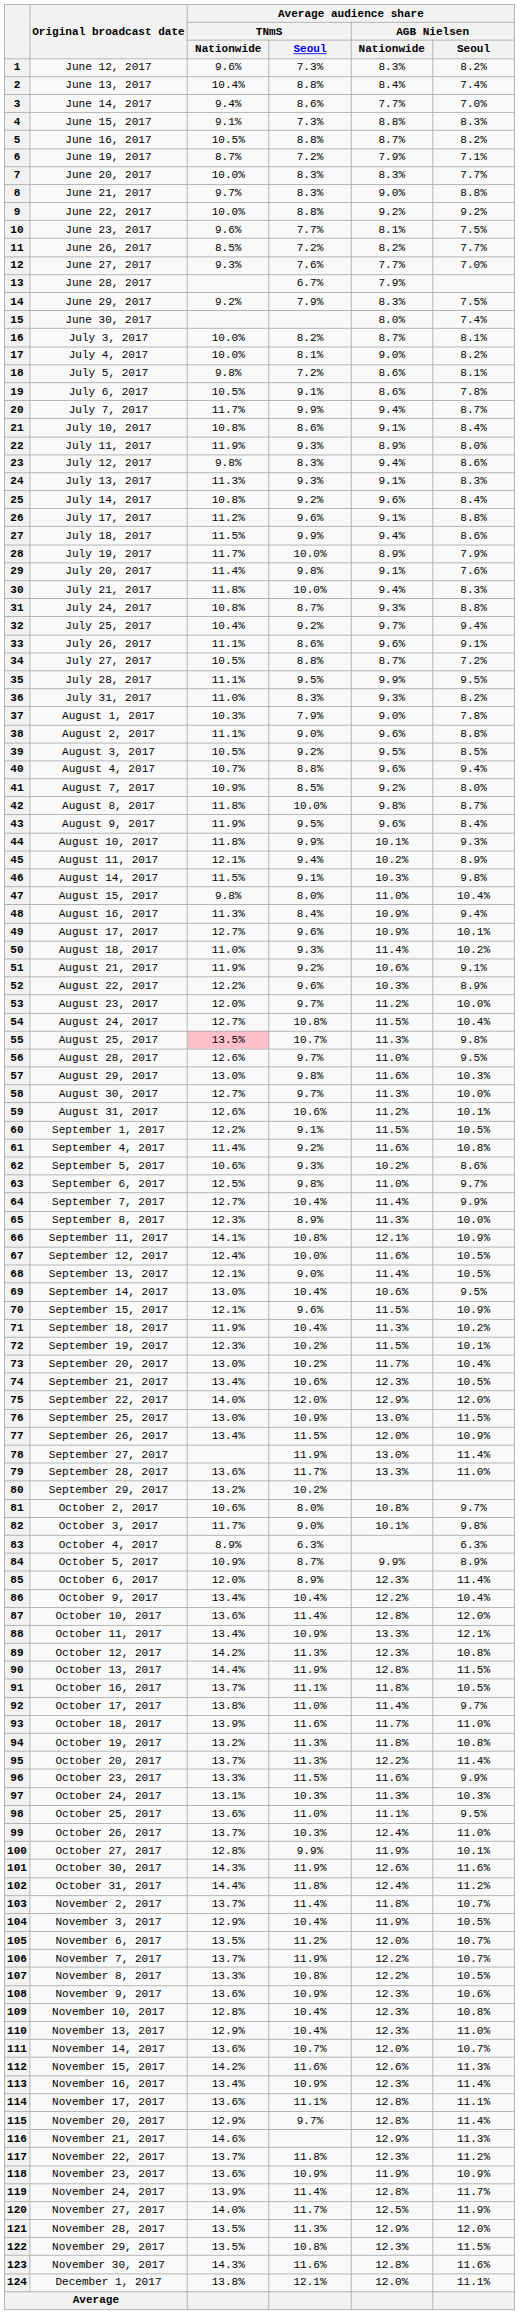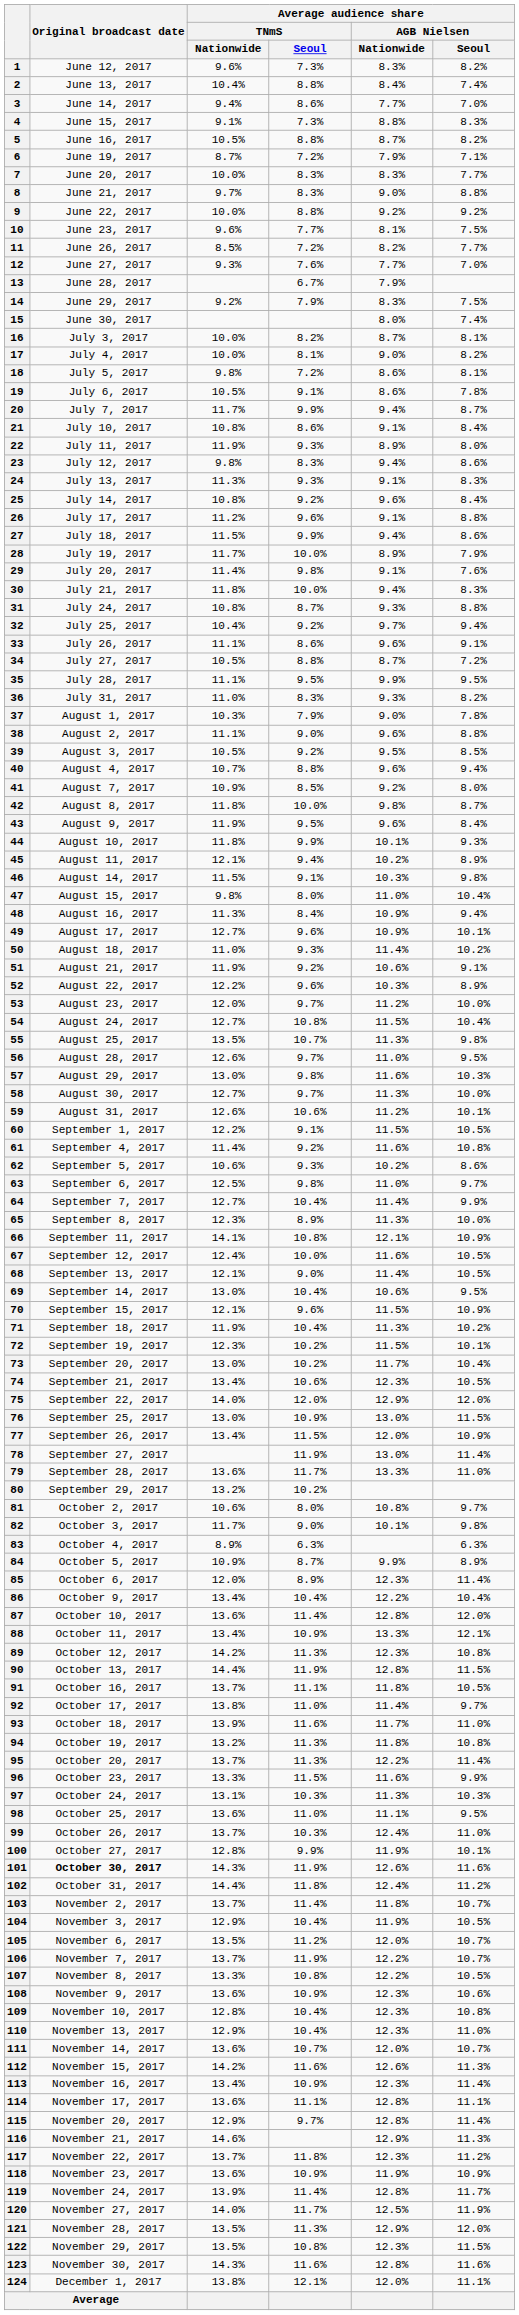 <table class="wikitable" style="text-align:center">
 <tr>
 <th rowspan="3"></th>
 <th rowspan="3">Original broadcast date</th>
 <th colspan="4">Average audience share</th>
 </tr>
 <tr>
 <th colspan="2">TNmS</th>
 <th colspan="2">AGB Nielsen</th>
 </tr>
 <tr>
 <th width=90>Nationwide</th>
 <th width=90><a href='#'>Seoul</a></th>
 <th width=90>Nationwide</th>
 <th width=90>Seoul</th>
 </tr>
 <tr>
 <th>1</th>
 <td>June 12, 2017</td>
 <td>9.6% </td>
 <td>7.3% </td>
 <td>8.3% </td>
 <td>8.2% </td>
 </tr>
 <tr>
 <th>2</th>
 <td>June 13, 2017</td>
 <td>10.4% </td>
 <td>8.8% </td>
 <td>8.4% </td>
 <td>7.4% </td>
 </tr>
 <tr>
 <th>3</th>
 <td>June 14, 2017</td>
 <td>9.4% </td>
 <td>8.6% </td>
 <td>7.7% </td>
 <td>7.0% </td>
 </tr>
 <tr>
 <th>4</th>
 <td>June 15, 2017</td>
 <td>9.1% </td>
 <td>7.3% </td>
 <td>8.8% </td>
 <td>8.3% </td>
 </tr>
 <tr>
 <th>5</th>
 <td>June 16, 2017</td>
 <td>10.5% </td>
 <td>8.8% </td>
 <td>8.7% </td>
 <td>8.2% </td>
 </tr>
 <tr>
 <th>6</th>
 <td>June 19, 2017</td>
 <td>8.7% </td>
 <td>7.2% </td>
 <td>7.9% </td>
 <td>7.1% </td>
 </tr>
 <tr>
 <th>7</th>
 <td>June 20, 2017</td>
 <td>10.0% </td>
 <td>8.3% </td>
 <td>8.3% </td>
 <td>7.7% </td>
 </tr>
 <tr>
 <th>8</th>
 <td>June 21, 2017</td>
 <td>9.7% </td>
 <td>8.3% </td>
 <td>9.0% </td>
 <td>8.8% </td>
 </tr>
 <tr>
 <th>9</th>
 <td>June 22, 2017</td>
 <td>10.0% </td>
 <td>8.8% </td>
 <td>9.2% </td>
 <td>9.2% </td>
 </tr>
 <tr>
 <th>10</th>
 <td>June 23, 2017</td>
 <td>9.6% </td>
 <td>7.7% </td>
 <td>8.1% </td>
 <td>7.5% </td>
 </tr>
 <tr>
 <th>11</th>
 <td>June 26, 2017</td>
 <td>8.5% </td>
 <td>7.2% </td>
 <td>8.2% </td>
 <td>7.7% </td>
 </tr>
 <tr>
 <th>12</th>
 <td>June 27, 2017</td>
 <td>9.3% </td>
 <td>7.6% </td>
 <td>7.7% </td>
 <td>7.0% </td>
 </tr>
 <tr>
 <th>13</th>
 <td>June 28, 2017</td>
 <td> </td>
 <td>6.7% </td>
 <td>7.9% </td>
 <td> </td>
 </tr>
 <tr>
 <th>14</th>
 <td>June 29, 2017</td>
 <td>9.2% </td>
 <td>7.9% </td>
 <td>8.3% </td>
 <td>7.5% </td>
 </tr>
 <tr>
 <th>15</th>
 <td>June 30, 2017</td>
 <td> </td>
 <td> </td>
 <td>8.0% </td>
 <td>7.4% </td>
 </tr>
 <tr>
 <th>16</th>
 <td>July 3, 2017</td>
 <td>10.0% </td>
 <td>8.2% </td>
 <td>8.7% </td>
 <td>8.1% </td>
 </tr>
 <tr>
 <th>17</th>
 <td>July 4, 2017</td>
 <td>10.0% </td>
 <td>8.1% </td>
 <td>9.0% </td>
 <td>8.2% </td>
 </tr>
 <tr>
 <th>18</th>
 <td>July 5, 2017</td>
 <td>9.8% </td>
 <td>7.2% </td>
 <td>8.6% </td>
 <td>8.1% </td>
 </tr>
 <tr>
 <th>19</th>
 <td>July 6, 2017</td>
 <td>10.5% </td>
 <td>9.1% </td>
 <td>8.6% </td>
 <td>7.8% </td>
 </tr>
 <tr>
 <th>20</th>
 <td>July 7, 2017</td>
 <td>11.7% </td>
 <td>9.9% </td>
 <td>9.4% </td>
 <td>8.7% </td>
 </tr>
 <tr>
 <th>21</th>
 <td>July 10, 2017</td>
 <td>10.8% </td>
 <td>8.6% </td>
 <td>9.1% </td>
 <td>8.4% </td>
 </tr>
 <tr>
 <th>22</th>
 <td>July 11, 2017</td>
 <td>11.9% </td>
 <td>9.3% </td>
 <td>8.9% </td>
 <td>8.0% </td>
 </tr>
 <tr>
 <th>23</th>
 <td>July 12, 2017</td>
 <td>9.8% </td>
 <td>8.3% </td>
 <td>9.4% </td>
 <td>8.6% </td>
 </tr>
 <tr>
 <th>24</th>
 <td>July 13, 2017</td>
 <td>11.3% </td>
 <td>9.3% </td>
 <td>9.1% </td>
 <td>8.3% </td>
 </tr>
 <tr>
 <th>25</th>
 <td>July 14, 2017</td>
 <td>10.8% </td>
 <td>9.2% </td>
 <td>9.6% </td>
 <td>8.4% </td>
 </tr>
 <tr>
 <th>26</th>
 <td>July 17, 2017</td>
 <td>11.2% </td>
 <td>9.6% </td>
 <td>9.1% </td>
 <td>8.8% </td>
 </tr>
 <tr>
 <th>27</th>
 <td>July 18, 2017</td>
 <td>11.5% </td>
 <td>9.9% </td>
 <td>9.4% </td>
 <td>8.6% </td>
 </tr>
 <tr>
 <th>28</th>
 <td>July 19, 2017</td>
 <td>11.7% </td>
 <td>10.0% </td>
 <td>8.9% </td>
 <td>7.9% </td>
 </tr>
 <tr>
 <th>29</th>
 <td>July 20, 2017</td>
 <td>11.4% </td>
 <td>9.8% </td>
 <td>9.1% </td>
 <td>7.6% </td>
 </tr>
 <tr>
 <th>30</th>
 <td>July 21, 2017</td>
 <td>11.8% </td>
 <td>10.0% </td>
 <td>9.4% </td>
 <td>8.3% </td>
 </tr>
 <tr>
 <th>31</th>
 <td>July 24, 2017</td>
 <td>10.8% </td>
 <td>8.7% </td>
 <td>9.3% </td>
 <td>8.8% </td>
 </tr>
 <tr>
 <th>32</th>
 <td>July 25, 2017</td>
 <td>10.4% </td>
 <td>9.2% </td>
 <td>9.7% </td>
 <td>9.4% </td>
 </tr>
 <tr>
 <th>33</th>
 <td>July 26, 2017</td>
 <td>11.1% </td>
 <td>8.6% </td>
 <td>9.6% </td>
 <td>9.1% </td>
 </tr>
 <tr>
 <th>34</th>
 <td>July 27, 2017</td>
 <td>10.5% </td>
 <td>8.8% </td>
 <td>8.7% </td>
 <td>7.2% </td>
 </tr>
 <tr>
 <th>35</th>
 <td>July 28, 2017</td>
 <td>11.1% </td>
 <td>9.5% </td>
 <td>9.9% </td>
 <td>9.5% </td>
 </tr>
 <tr>
 <th>36</th>
 <td>July 31, 2017</td>
 <td>11.0% </td>
 <td>8.3% </td>
 <td>9.3% </td>
 <td>8.2% </td>
 </tr>
 <tr>
 <th>37</th>
 <td>August 1, 2017</td>
 <td>10.3% </td>
 <td>7.9% </td>
 <td>9.0% </td>
 <td>7.8% </td>
 </tr>
 <tr>
 <th>38</th>
 <td>August 2, 2017</td>
 <td>11.1% </td>
 <td>9.0% </td>
 <td>9.6% </td>
 <td>8.8% </td>
 </tr>
 <tr>
 <th>39</th>
 <td>August 3, 2017</td>
 <td>10.5% </td>
 <td>9.2% </td>
 <td>9.5% </td>
 <td>8.5% </td>
 </tr>
 <tr>
 <th>40</th>
 <td>August 4, 2017</td>
 <td>10.7% </td>
 <td>8.8% </td>
 <td>9.6% </td>
 <td>9.4% </td>
 </tr>
 <tr>
 <th>41</th>
 <td>August 7, 2017</td>
 <td>10.9% </td>
 <td>8.5% </td>
 <td>9.2% </td>
 <td>8.0% </td>
 </tr>
 <tr>
 <th>42</th>
 <td>August 8, 2017</td>
 <td>11.8% </td>
 <td>10.0% </td>
 <td>9.8% </td>
 <td>8.7% </td>
 </tr>
 <tr>
 <th>43</th>
 <td>August 9, 2017</td>
 <td>11.9% </td>
 <td>9.5% </td>
 <td>9.6% </td>
 <td>8.4% </td>
 </tr>
 <tr>
 <th>44</th>
 <td>August 10, 2017</td>
 <td>11.8% </td>
 <td>9.9% </td>
 <td>10.1% </td>
 <td>9.3% </td>
 </tr>
 <tr>
 <th>45</th>
 <td>August 11, 2017</td>
 <td>12.1% </td>
 <td>9.4% </td>
 <td>10.2% </td>
 <td>8.9% </td>
 </tr>
 <tr>
 <th>46</th>
 <td>August 14, 2017</td>
 <td>11.5% </td>
 <td>9.1% </td>
 <td>10.3% </td>
 <td>9.8% </td>
 </tr>
 <tr>
 <th>47</th>
 <td>August 15, 2017</td>
 <td>9.8% </td>
 <td>8.0% </td>
 <td>11.0% </td>
 <td>10.4% </td>
 </tr>
 <tr>
 <th>48</th>
 <td>August 16, 2017</td>
 <td>11.3% </td>
 <td>8.4% </td>
 <td>10.9% </td>
 <td>9.4% </td>
 </tr>
 <tr>
 <th>49</th>
 <td>August 17, 2017</td>
 <td>12.7% </td>
 <td>9.6% </td>
 <td>10.9% </td>
 <td>10.1% </td>
 </tr>
 <tr>
 <th>50</th>
 <td>August 18, 2017</td>
 <td>11.0% </td>
 <td>9.3% </td>
 <td>11.4% </td>
 <td>10.2% </td>
 </tr>
 <tr>
 <th>51</th>
 <td>August 21, 2017</td>
 <td>11.9% </td>
 <td>9.2% </td>
 <td>10.6% </td>
 <td>9.1% </td>
 </tr>
 <tr>
 <th>52</th>
 <td>August 22, 2017</td>
 <td>12.2% </td>
 <td>9.6% </td>
 <td>10.3% </td>
 <td>8.9% </td>
 </tr>
 <tr>
 <th>53</th>
 <td>August 23, 2017</td>
 <td>12.0% </td>
 <td>9.7% </td>
 <td>11.2% </td>
 <td>10.0% </td>
 </tr>
 <tr>
 <th>54</th>
 <td>August 24, 2017</td>
 <td>12.7% </td>
 <td>10.8% </td>
 <td>11.5% </td>
 <td>10.4% </td>
 </tr>
 <tr>
 <th>55</th>
 <td>August 25, 2017</td>
-<td style="background: pink;">13.5% </td>
+<td>13.5% </td>
 <td>10.7% </td>
 <td>11.3% </td>
 <td>9.8% </td>
 </tr>
 <tr>
 <th>56</th>
 <td>August 28, 2017</td>
 <td>12.6% </td>
 <td>9.7% </td>
 <td>11.0% </td>
 <td>9.5% </td>
 </tr>
 <tr>
 <th>57</th>
 <td>August 29, 2017</td>
 <td>13.0% </td>
 <td>9.8% </td>
 <td>11.6% </td>
 <td>10.3% </td>
 </tr>
 <tr>
 <th>58</th>
 <td>August 30, 2017</td>
 <td>12.7% </td>
 <td>9.7% </td>
 <td>11.3% </td>
 <td>10.0% </td>
 </tr>
 <tr>
 <th>59</th>
 <td>August 31, 2017</td>
 <td>12.6% </td>
 <td>10.6% </td>
 <td>11.2% </td>
 <td>10.1% </td>
 </tr>
 <tr>
 <th>60</th>
 <td>September 1, 2017</td>
 <td>12.2% </td>
 <td>9.1% </td>
 <td>11.5% </td>
 <td>10.5% </td>
 </tr>
 <tr>
 <th>61</th>
 <td>September 4, 2017</td>
 <td>11.4% </td>
 <td>9.2% </td>
 <td>11.6% </td>
 <td>10.8% </td>
 </tr>
 <tr>
 <th>62</th>
 <td>September 5, 2017</td>
 <td>10.6% </td>
 <td>9.3% </td>
 <td>10.2% </td>
 <td>8.6% </td>
 </tr>
 <tr>
 <th>63</th>
 <td>September 6, 2017</td>
 <td>12.5% </td>
 <td>9.8% </td>
 <td>11.0% </td>
 <td>9.7% </td>
 </tr>
 <tr>
 <th>64</th>
 <td>September 7, 2017</td>
 <td>12.7% </td>
 <td>10.4% </td>
 <td>11.4% </td>
 <td>9.9% </td>
 </tr>
 <tr>
 <th>65</th>
 <td>September 8, 2017</td>
 <td>12.3% </td>
 <td>8.9% </td>
 <td>11.3% </td>
 <td>10.0% </td>
 </tr>
 <tr>
 <th>66</th>
 <td>September 11, 2017</td>
 <td>14.1% </td>
 <td>10.8% </td>
 <td>12.1% </td>
 <td>10.9% </td>
 </tr>
 <tr>
 <th>67</th>
 <td>September 12, 2017</td>
 <td>12.4% </td>
 <td>10.0% </td>
 <td>11.6% </td>
 <td>10.5% </td>
 </tr>
 <tr>
 <th>68</th>
 <td>September 13, 2017</td>
 <td>12.1% </td>
 <td>9.0% </td>
 <td>11.4% </td>
 <td>10.5% </td>
 </tr>
 <tr>
 <th>69</th>
 <td>September 14, 2017</td>
 <td>13.0% </td>
 <td>10.4% </td>
 <td>10.6% </td>
 <td>9.5% </td>
 </tr>
 <tr>
 <th>70</th>
 <td>September 15, 2017</td>
 <td>12.1% </td>
 <td>9.6% </td>
 <td>11.5% </td>
 <td>10.9% </td>
 </tr>
 <tr>
 <th>71</th>
 <td>September 18, 2017</td>
 <td>11.9% </td>
 <td>10.4% </td>
 <td>11.3% </td>
 <td>10.2% </td>
 </tr>
 <tr>
 <th>72</th>
 <td>September 19, 2017</td>
 <td>12.3% </td>
 <td>10.2% </td>
 <td>11.5% </td>
 <td>10.1% </td>
 </tr>
 <tr>
 <th>73</th>
 <td>September 20, 2017</td>
 <td>13.0% </td>
 <td>10.2% </td>
 <td>11.7% </td>
 <td>10.4% </td>
 </tr>
 <tr>
 <th>74</th>
 <td>September 21, 2017</td>
 <td>13.4% </td>
 <td>10.6% </td>
 <td>12.3% </td>
 <td>10.5% </td>
 </tr>
 <tr>
 <th>75</th>
 <td>September 22, 2017</td>
 <td>14.0% </td>
 <td>12.0% </td>
 <td>12.9% </td>
 <td>12.0% </td>
 </tr>
 <tr>
 <th>76</th>
 <td>September 25, 2017</td>
 <td>13.0% </td>
 <td>10.9% </td>
 <td>13.0% </td>
 <td>11.5% </td>
 </tr>
 <tr>
 <th>77</th>
 <td>September 26, 2017</td>
 <td>13.4% </td>
 <td>11.5% </td>
 <td>12.0% </td>
 <td>10.9% </td>
 </tr>
 <tr>
 <th>78</th>
 <td>September 27, 2017</td>
 <td> </td>
 <td>11.9% </td>
 <td>13.0% </td>
 <td>11.4% </td>
 </tr>
 <tr>
 <th>79</th>
 <td>September 28, 2017</td>
 <td>13.6% </td>
 <td>11.7% </td>
 <td>13.3% </td>
 <td>11.0% </td>
 </tr>
 <tr>
 <th>80</th>
 <td>September 29, 2017</td>
 <td>13.2% </td>
 <td>10.2% </td>
 <td> </td>
 <td> </td>
 </tr>
 <tr>
 <th>81</th>
 <td>October 2, 2017</td>
 <td>10.6% </td>
 <td>8.0% </td>
 <td>10.8% </td>
 <td>9.7% </td>
 </tr>
 <tr>
 <th>82</th>
 <td>October 3, 2017</td>
 <td>11.7% </td>
 <td>9.0% </td>
 <td>10.1% </td>
 <td>9.8% </td>
 </tr>
 <tr>
 <th>83</th>
 <td>October 4, 2017</td>
 <td>8.9% </td>
 <td>6.3% </td>
 <td> </td>
 <td>6.3% </td>
 </tr>
 <tr>
 <th>84</th>
 <td>October 5, 2017</td>
 <td>10.9% </td>
 <td>8.7% </td>
 <td>9.9% </td>
 <td>8.9% </td>
 </tr>
 <tr>
 <th>85</th>
 <td>October 6, 2017</td>
 <td>12.0% </td>
 <td>8.9% </td>
 <td>12.3% </td>
 <td>11.4% </td>
 </tr>
 <tr>
 <th>86</th>
 <td>October 9, 2017</td>
 <td>13.4% </td>
 <td>10.4% </td>
 <td>12.2% </td>
 <td>10.4% </td>
 </tr>
 <tr>
 <th>87</th>
 <td>October 10, 2017</td>
 <td>13.6% </td>
 <td>11.4% </td>
 <td>12.8% </td>
 <td>12.0% </td>
 </tr>
 <tr>
 <th>88</th>
 <td>October 11, 2017</td>
 <td>13.4% </td>
 <td>10.9% </td>
 <td>13.3% </td>
 <td>12.1% </td>
 </tr>
 <tr>
 <th>89</th>
 <td>October 12, 2017</td>
 <td>14.2% </td>
 <td>11.3% </td>
 <td>12.3% </td>
 <td>10.8% </td>
 </tr>
 <tr>
 <th>90</th>
 <td>October 13, 2017</td>
 <td>14.4% </td>
 <td>11.9% </td>
 <td>12.8% </td>
 <td>11.5% </td>
 </tr>
 <tr>
 <th>91</th>
 <td>October 16, 2017</td>
 <td>13.7% </td>
 <td>11.1% </td>
 <td>11.8% </td>
 <td>10.5% </td>
 </tr>
 <tr>
 <th>92</th>
 <td>October 17, 2017</td>
 <td>13.8% </td>
 <td>11.0% </td>
 <td>11.4% </td>
 <td>9.7% </td>
 </tr>
 <tr>
 <th>93</th>
 <td>October 18, 2017</td>
 <td>13.9% </td>
 <td>11.6% </td>
 <td>11.7% </td>
 <td>11.0% </td>
 </tr>
 <tr>
 <th>94</th>
 <td>October 19, 2017</td>
 <td>13.2% </td>
 <td>11.3% </td>
 <td>11.8% </td>
 <td>10.8% </td>
 </tr>
 <tr>
 <th>95</th>
 <td>October 20, 2017</td>
 <td>13.7% </td>
 <td>11.3% </td>
 <td>12.2% </td>
 <td>11.4% </td>
 </tr>
 <tr>
 <th>96</th>
 <td>October 23, 2017</td>
 <td>13.3% </td>
 <td>11.5% </td>
 <td>11.6% </td>
 <td>9.9% </td>
 </tr>
 <tr>
 <th>97</th>
 <td>October 24, 2017</td>
 <td>13.1% </td>
 <td>10.3% </td>
 <td>11.3% </td>
 <td>10.3% </td>
 </tr>
 <tr>
 <th>98</th>
 <td>October 25, 2017</td>
 <td>13.6% </td>
 <td>11.0% </td>
 <td>11.1% </td>
 <td>9.5% </td>
 </tr>
 <tr>
 <th>99</th>
 <td>October 26, 2017</td>
 <td>13.7% </td>
 <td>10.3% </td>
 <td>12.4% </td>
 <td>11.0% </td>
 </tr>
 <tr>
 <th>100</th>
 <td>October 27, 2017</td>
 <td>12.8% </td>
 <td>9.9% </td>
 <td>11.9% </td>
 <td>10.1% </td>
 </tr>
 <tr>
 <th>101</th>
-<td>October 30, 2017</td>
+<td><strong>October 30, 2017</strong></td>
 <td>14.3% </td>
 <td>11.9% </td>
 <td>12.6% </td>
 <td>11.6% </td>
 </tr>
 <tr>
 <th>102</th>
 <td>October 31, 2017</td>
 <td>14.4% </td>
 <td>11.8% </td>
 <td>12.4% </td>
 <td>11.2% </td>
 </tr>
 <tr>
 <th>103</th>
 <td>November 2, 2017</td>
 <td>13.7% </td>
 <td>11.4% </td>
 <td>11.8% </td>
 <td>10.7% </td>
 </tr>
 <tr>
 <th>104</th>
 <td>November 3, 2017</td>
 <td>12.9% </td>
 <td>10.4% </td>
 <td>11.9% </td>
 <td>10.5% </td>
 </tr>
 <tr>
 <th>105</th>
 <td>November 6, 2017</td>
 <td>13.5% </td>
 <td>11.2% </td>
 <td>12.0% </td>
 <td>10.7% </td>
 </tr>
 <tr>
 <th>106</th>
 <td>November 7, 2017</td>
 <td>13.7% </td>
 <td>11.9% </td>
 <td>12.2% </td>
 <td>10.7% </td>
 </tr>
 <tr>
 <th>107</th>
 <td>November 8, 2017</td>
 <td>13.3% </td>
 <td>10.8% </td>
 <td>12.2% </td>
 <td>10.5% </td>
 </tr>
 <tr>
 <th>108</th>
 <td>November 9, 2017</td>
 <td>13.6% </td>
 <td>10.9% </td>
 <td>12.3% </td>
 <td>10.6% </td>
 </tr>
 <tr>
 <th>109</th>
 <td>November 10, 2017</td>
 <td>12.8% </td>
 <td>10.4% </td>
 <td>12.3% </td>
 <td>10.8% </td>
 </tr>
 <tr>
 <th>110</th>
 <td>November 13, 2017</td>
 <td>12.9% </td>
 <td>10.4% </td>
 <td>12.3% </td>
 <td>11.0% </td>
 </tr>
 <tr>
 <th>111</th>
 <td>November 14, 2017</td>
 <td>13.6% </td>
 <td>10.7% </td>
 <td>12.0% </td>
 <td>10.7% </td>
 </tr>
 <tr>
 <th>112</th>
 <td>November 15, 2017</td>
 <td>14.2% </td>
 <td>11.6% </td>
 <td>12.6% </td>
 <td>11.3% </td>
 </tr>
 <tr>
 <th>113</th>
 <td>November 16, 2017</td>
 <td>13.4% </td>
 <td>10.9% </td>
 <td>12.3% </td>
 <td>11.4% </td>
 </tr>
 <tr>
 <th>114</th>
 <td>November 17, 2017</td>
 <td>13.6% </td>
 <td>11.1% </td>
 <td>12.8% </td>
 <td>11.1% </td>
 </tr>
 <tr>
 <th>115</th>
 <td>November 20, 2017</td>
 <td>12.9% </td>
 <td>9.7% </td>
 <td>12.8% </td>
 <td>11.4% </td>
 </tr>
 <tr>
 <th>116</th>
 <td>November 21, 2017</td>
 <td>14.6% </td>
 <td> </td>
 <td>12.9% </td>
 <td>11.3% </td>
 </tr>
 <tr>
 <th>117</th>
 <td>November 22, 2017</td>
 <td>13.7% </td>
 <td>11.8% </td>
 <td>12.3% </td>
 <td>11.2% </td>
 </tr>
 <tr>
 <th>118</th>
 <td>November 23, 2017</td>
 <td>13.6% </td>
 <td>10.9% </td>
 <td>11.9% </td>
 <td>10.9% </td>
 </tr>
 <tr>
 <th>119</th>
 <td>November 24, 2017</td>
 <td>13.9% </td>
 <td>11.4% </td>
 <td>12.8% </td>
 <td>11.7% </td>
 </tr>
 <tr>
 <th>120</th>
 <td>November 27, 2017</td>
 <td>14.0% </td>
 <td>11.7% </td>
 <td>12.5% </td>
 <td>11.9% </td>
 </tr>
 <tr>
 <th>121</th>
 <td>November 28, 2017</td>
 <td>13.5% </td>
 <td>11.3% </td>
 <td>12.9% </td>
 <td>12.0% </td>
 </tr>
 <tr>
 <th>122</th>
 <td>November 29, 2017</td>
 <td>13.5% </td>
 <td>10.8% </td>
 <td>12.3% </td>
 <td>11.5% </td>
 </tr>
 <tr>
 <th>123</th>
 <td>November 30, 2017</td>
 <td>14.3% </td>
 <td>11.6% </td>
 <td>12.8% </td>
 <td>11.6% </td>
 </tr>
 <tr>
 <th>124</th>
 <td>December 1, 2017</td>
 <td>13.8% </td>
 <td>12.1% </td>
 <td>12.0% </td>
 <td>11.1% </td>
 </tr>
 <tr>
 <th colspan="2">Average</th>
 <th></th>
 <th></th>
 <th></th>
 <th></th>
 </tr>
 </table>
